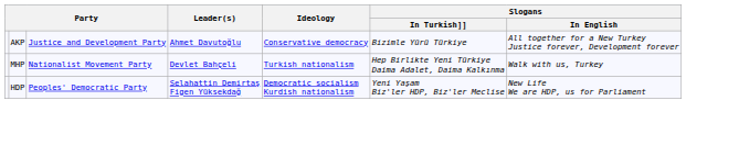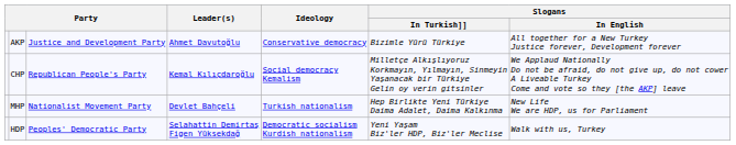 <table class="wikitable" style="border:1px solid #8888aa; background:#f7f8ff; padding:0; font-size:90%;">
 <tr>
 <th rowspan="2" colspan="3">Party</th>
 <th rowspan="2">Leader(s)</th>
 <th rowspan="2">Ideology</th>
 <th colspan="2">Slogans</th>
 </tr>
 <tr>
 <th>In Turkish]]</th>
 <th>In English</th>
 </tr>
 <tr>
 <td style="background: "></td>
 <td>AKP</td>
 <td><a href='#'>Justice and Development Party</a></td>
 <td><a href='#'>Ahmet Davutoğlu</a></td>
 <td><a href='#'>Conservative&nbsp;democracy</a></td>
 <td><em>Bizimle Yürü Türkiye</em></td>
 <td><em>All together for a New Turkey</em><br><em>Justice forever, Development forever</em></td>
 </tr>
 <tr>
 <td style="background: "></td>
+<td>CHP</td>
+<td><a href='#'>Republican People's Party</a></td>
+<td><a href='#'>Kemal Kılıçdaroğlu</a></td>
+<td><a href='#'>Social democracy</a><br><a href='#'>Kemalism</a></td>
+<td><em>Milletçe Alkışlıyoruz</em><br><em>Korkmayın, Yılmayın, Sinmeyin</em><br><em>Yaşanacak bir Türkiye</em><br><em>Gelin oy verin gitsinler</em></td>
+<td><em>We Applaud Nationally</em><br><em>Do not be afraid, do not give up, do not cower</em><br><em>A Liveable Turkey</em><br><em>Come and vote so they [the <a href='#'>AKP</a>] leave</em></td>
+</tr>
+<tr>
+<td style="background: "></td>
 <td>MHP</td>
 <td><a href='#'>Nationalist Movement Party</a></td>
 <td><a href='#'>Devlet Bahçeli</a></td>
 <td><a href='#'>Turkish nationalism</a></td>
 <td><em>Hep Birlikte Yeni Türkiye</em><br><em>Daima Adalet, Daima Kalkınma</em></td>
-<td><em>Walk with us, Turkey</em></td>
+<td><em>New Life</em><br><em>We are HDP, us for Parliament</em></td>
 </tr>
 <tr>
 <td style="background: "></td>
 <td>HDP</td>
 <td><a href='#'>Peoples' Democratic Party</a></td>
 <td><a href='#'>Selahattin&nbsp;Demirtaş</a><br><a href='#'>Figen Yüksekdağ</a></td>
 <td><a href='#'>Democratic socialism</a><br><a href='#'>Kurdish nationalism</a></td>
 <td><em>Yeni Yaşam</em><br><em>Biz'ler HDP, Biz'ler Meclise</em></td>
-<td><em>New Life</em><br><em>We are HDP, us for Parliament</em></td>
+<td><em>Walk with us, Turkey</em></td>
 </tr>
 </table>
